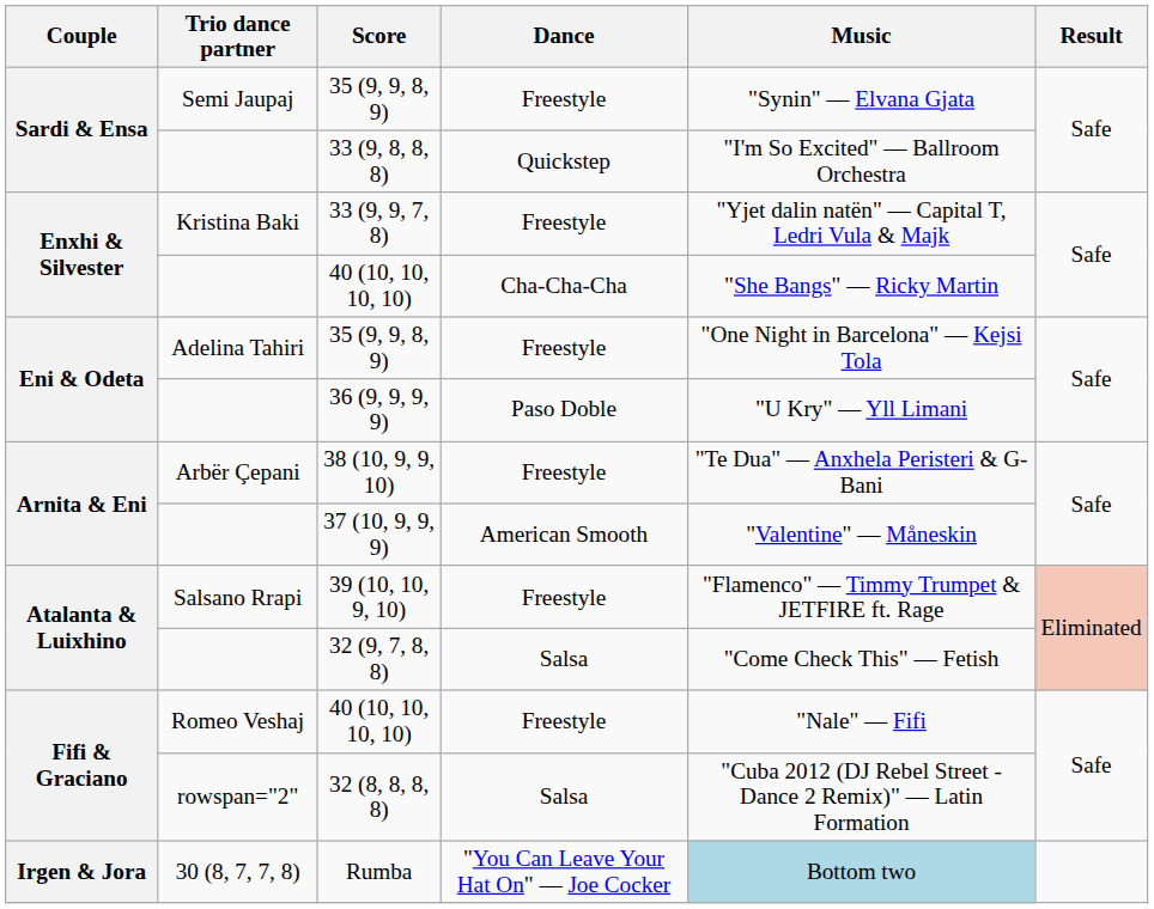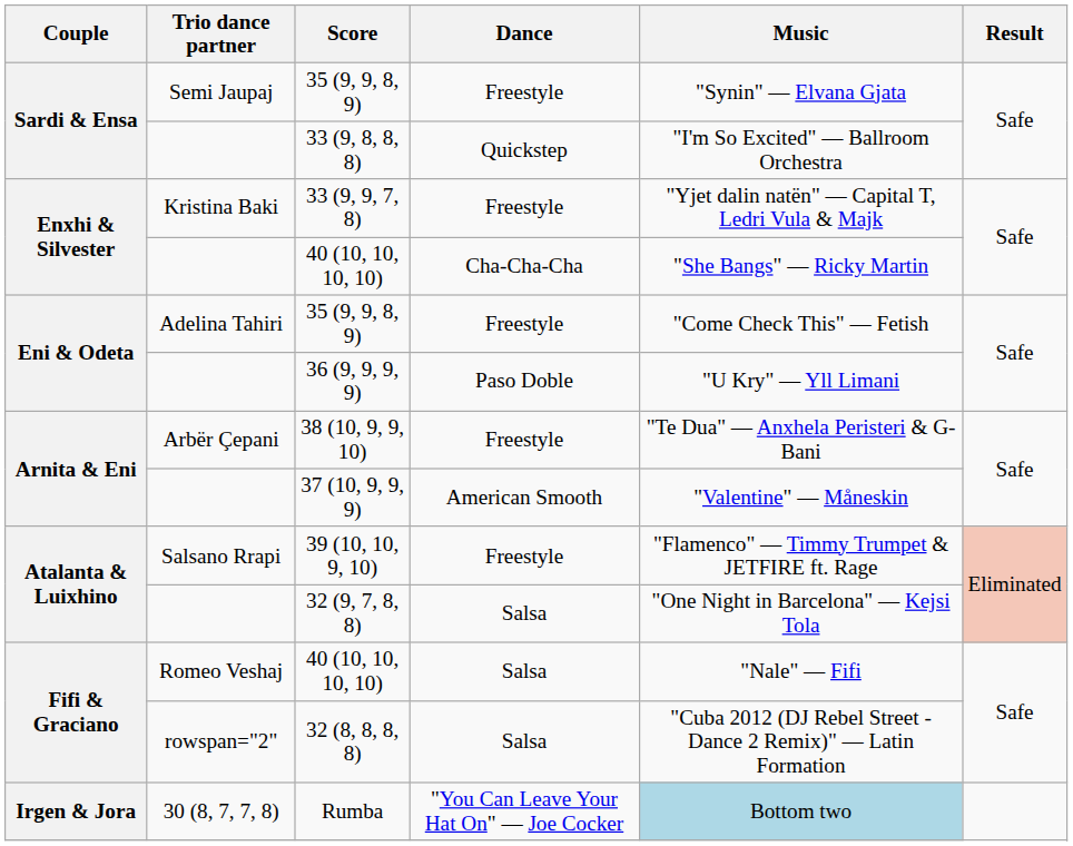 <table class="wikitable sortable" style="text-align:center; width: 90%">
 <tr>
 <th scope="col">Couple</th>
 <th scope="col">Trio dance partner</th>
 <th scope="col">Score</th>
 <th scope="col" class="unsortable">Dance</th>
 <th scope="col" class="unsortable">Music</th>
 <th scope="col" class="unsortable">Result</th>
 </tr>
 <tr>
 <th scope="row" rowspan="2">Sardi & Ensa</th>
 <td>Semi Jaupaj</td>
 <td>35 (9, 9, 8, 9)</td>
 <td>Freestyle</td>
 <td>"Synin" — <a href='#'>Elvana Gjata</a></td>
 <td rowspan="2">Safe</td>
 </tr>
 <tr>
 <td></td>
 <td>33 (9, 8, 8, 8)</td>
 <td>Quickstep</td>
 <td>"I'm So Excited" — Ballroom Orchestra</td>
 </tr>
 <tr>
 <th scope="row" rowspan="2">Enxhi & Silvester</th>
 <td>Kristina Baki</td>
 <td>33 (9, 9, 7, 8)</td>
 <td>Freestyle</td>
 <td>"Yjet dalin natën" — Capital T, <a href='#'>Ledri Vula</a> & <a href='#'>Majk</a></td>
 <td rowspan="2">Safe</td>
 </tr>
 <tr>
 <td></td>
 <td>40 (10, 10, 10, 10)</td>
 <td>Cha-Cha-Cha</td>
 <td>"<a href='#'>She Bangs</a>" — <a href='#'>Ricky Martin</a></td>
 </tr>
 <tr>
 <th scope="row" rowspan="2">Eni & Odeta</th>
 <td>Adelina Tahiri</td>
 <td>35 (9, 9, 8, 9)</td>
 <td>Freestyle</td>
-<td>"One Night in Barcelona" — <a href='#'>Kejsi Tola</a></td>
+<td>"Come Check This" — Fetish</td>
 <td rowspan="2">Safe</td>
 </tr>
 <tr>
 <td></td>
 <td>36 (9, 9, 9, 9)</td>
 <td>Paso Doble</td>
 <td>"U Kry" — <a href='#'>Yll Limani</a></td>
 </tr>
 <tr>
 <th scope="row" rowspan="2">Arnita & Eni</th>
 <td>Arbër Çepani</td>
 <td>38 (10, 9, 9, 10)</td>
 <td>Freestyle</td>
 <td>"Te Dua" — <a href='#'>Anxhela Peristeri</a> & G-Bani</td>
 <td rowspan="2">Safe</td>
 </tr>
 <tr>
 <td></td>
 <td>37 (10, 9, 9, 9)</td>
 <td>American Smooth</td>
 <td>"<a href='#'>Valentine</a>" — <a href='#'>Måneskin</a></td>
 </tr>
 <tr>
 <th scope="row" rowspan="2">Atalanta & Luixhino</th>
 <td>Salsano Rrapi</td>
 <td>39 (10, 10, 9, 10)</td>
 <td>Freestyle</td>
 <td>"Flamenco" — <a href='#'>Timmy Trumpet</a> & JETFIRE ft. Rage</td>
 <td rowspan="2" bgcolor= f4c7b8>Eliminated</td>
 </tr>
 <tr>
 <td></td>
 <td>32 (9, 7, 8, 8)</td>
 <td>Salsa</td>
-<td>"Come Check This" — Fetish</td>
+<td>"One Night in Barcelona" — <a href='#'>Kejsi Tola</a></td>
 </tr>
 <tr>
 <th scope="row" rowspan="2">Fifi & Graciano</th>
 <td>Romeo Veshaj</td>
 <td>40 (10, 10, 10, 10)</td>
-<td>Freestyle</td>
+<td>Salsa</td>
 <td>"Nale" — <a href='#'>Fifi</a></td>
 <td rowspan="2">Safe</td>
 </tr>
 <tr>
 <td>rowspan="2" </td>
 <td>32 (8, 8, 8, 8)</td>
 <td>Salsa</td>
 <td>"Cuba 2012 (DJ Rebel Street - Dance 2 Remix)" — Latin Formation</td>
 </tr>
 <tr>
 <th scope="row">Irgen & Jora</th>
 <td>30 (8, 7, 7, 8)</td>
 <td>Rumba</td>
 <td>"<a href='#'>You Can Leave Your Hat On</a>" — <a href='#'>Joe Cocker</a></td>
 <td bgcolor=lightblue>Bottom two</td>
 </tr>
 <tr>
 </tr>
 </table>
